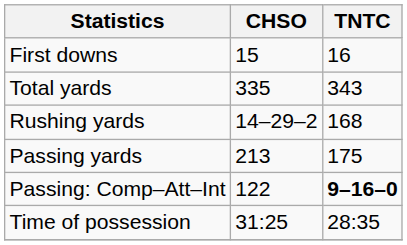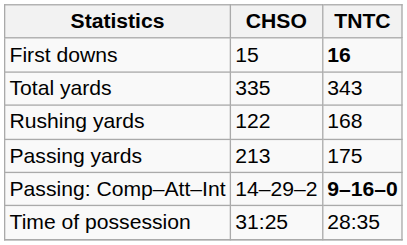 <table class="wikitable" style="float: left;">
 <tr>
 <th>Statistics</th>
 <th>CHSO</th>
 <th>TNTC</th>
 </tr>
 <tr>
 <td>First downs</td>
 <td>15</td>
-<td>16</td>
+<td><strong>16</strong></td>
 </tr>
 <tr>
 <td>Total yards</td>
 <td>335</td>
 <td>343</td>
 </tr>
 <tr>
 <td>Rushing yards</td>
-<td>14–29–2</td>
+<td>122</td>
 <td>168</td>
 </tr>
 <tr>
 <td>Passing yards</td>
 <td>213</td>
 <td>175</td>
 </tr>
 <tr>
 <td>Passing: Comp–Att–Int</td>
-<td>122</td>
+<td>14–29–2</td>
 <td><strong>9–16–0</strong></td>
 </tr>
 <tr>
 <td>Time of possession</td>
 <td>31:25</td>
 <td>28:35</td>
 </tr>
 <tr>
 </tr>
 </table>
